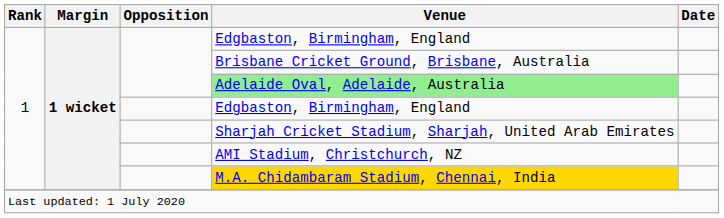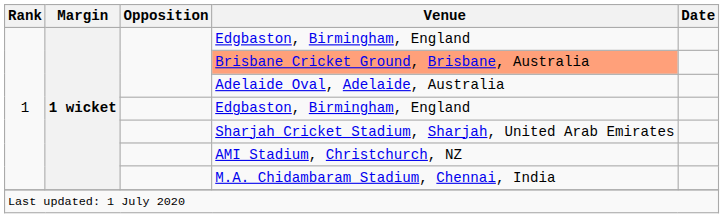 <table class="wikitable plainrowheaders sortable">
 <tr>
 <th scope=col>Rank</th>
 <th scope=col>Margin</th>
 <th scope=col>Opposition</th>
 <th scope=col>Venue</th>
 <th scope=col>Date</th>
 </tr>
 <tr>
 <td align=center rowspan=7>1</td>
 <th scope=row style=text-align:center rowspan=7>1 wicket</th>
 <td rowspan=3></td>
 <td><a href='#'>Edgbaston</a>, <a href='#'>Birmingham</a>, England</td>
 <td> </td>
 </tr>
 <tr>
-<td><a href='#'>Brisbane Cricket Ground</a>, <a href='#'>Brisbane</a>, Australia</td>
+<td style="background: lightsalmon;"><a href='#'>Brisbane Cricket Ground</a>, <a href='#'>Brisbane</a>, Australia</td>
 <td></td>
 </tr>
 <tr>
-<td style="background: lightgreen;"><a href='#'>Adelaide Oval</a>, <a href='#'>Adelaide</a>, Australia</td>
+<td><a href='#'>Adelaide Oval</a>, <a href='#'>Adelaide</a>, Australia</td>
 <td></td>
 </tr>
 <tr>
 <td></td>
 <td><a href='#'>Edgbaston</a>, <a href='#'>Birmingham</a>, England</td>
 <td></td>
 </tr>
 <tr>
 <td></td>
 <td><a href='#'>Sharjah Cricket Stadium</a>, <a href='#'>Sharjah</a>, United Arab Emirates</td>
 <td></td>
 </tr>
 <tr>
 <td></td>
 <td><a href='#'>AMI Stadium</a>, <a href='#'>Christchurch</a>, NZ</td>
 <td></td>
 </tr>
 <tr>
 <td></td>
-<td style="background: gold;"><a href='#'>M.A. Chidambaram Stadium</a>, <a href='#'>Chennai</a>, India</td>
+<td><a href='#'>M.A. Chidambaram Stadium</a>, <a href='#'>Chennai</a>, India</td>
 <td></td>
 </tr>
 <tr>
 </tr>
 <tr class=sortbottom>
 <td colspan=5><small>Last updated: 1 July 2020</small></td>
 </tr>
 </table>
